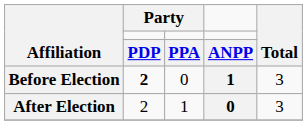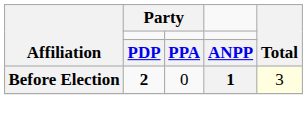 <table class=wikitable style="text-align:center">
 <tr style="vertical-align:bottom;">
 <th rowspan=3>Affiliation</th>
 <th colspan=2>Party</th>
 <td></td>
 <th rowspan=3>Total</th>
 </tr>
 <tr>
 <td style="background-color:"></td>
 <td style="background-color:"></td>
 <td style="background-color:"></td>
 </tr>
 <tr>
 <th><a href='#'>PDP</a></th>
 <th><a href='#'>PPA</a></th>
 <th><a href='#'>ANPP</a></th>
 </tr>
 <tr>
 <th>Before Election</th>
 <td><strong>2</strong></td>
 <td>0</td>
 <th>1</th>
-<td>3</td>
-</tr>
-<tr>
-<th>After Election</th>
-<td>2</td>
-<td>1</td>
-<th>0</th>
-<td>3</td>
+<td style="background: lightyellow;">3</td>
 </tr>
 <tr>
 </tr>
 </table>
